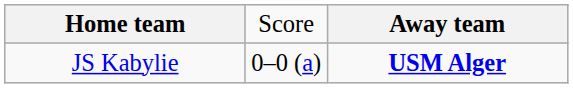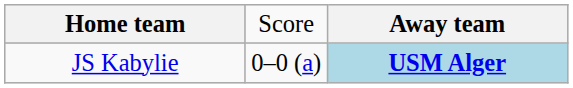 <table class="wikitable" style="text-align:center">
 <tr>
 <th width="150">Home team</th>
 <td>Score</td>
 <th width="150">Away team</th>
 </tr>
 <tr>
 <td><a href='#'>JS Kabylie</a></td>
 <td>0–0 (<a href='#'>a</a>)</td>
-<td><strong><a href='#'>USM Alger</a></strong></td>
+<td style="background: lightblue;"><strong><a href='#'>USM Alger</a></strong></td>
 </tr>
 </table>
